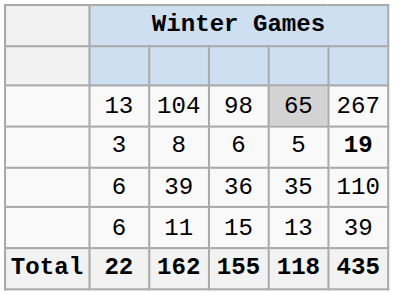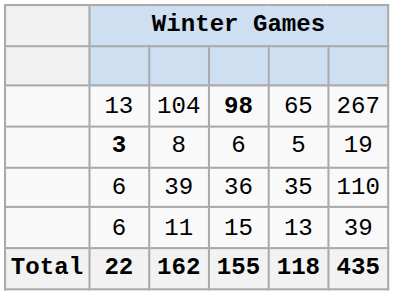 <table class="wikitable sortable" style="margin-top:0; text-align:center; font-size:90%;">
 <tr>
 <th></th>
 <th align="center" style="background-color:#cedff2;" colspan="5" ;>Winter Games</th>
 </tr>
 <tr>
 <th></th>
 <th style="background-color:#cedff2; width:2em;"><br></th>
 <th style="background-color:#cedff2; width:2em;"><br></th>
 <th style="background-color:#cedff2; width:2em;"><br></th>
 <th style="background-color:#cedff2; width:2em;"><br></th>
 <th style="background-color:#cedff2; width:2em;"><br></th>
 </tr>
 <tr>
 <td align=left> </td>
 <td>13</td>
 <td>104</td>
-<td>98</td>
-<td style="background: lightgrey;">65</td>
+<td><strong>98</strong></td>
+<td>65</td>
 <td>267</td>
 </tr>
 <tr>
 <td align=left></td>
-<td>3</td>
+<td><strong>3</strong></td>
 <td>8</td>
 <td>6</td>
 <td>5</td>
-<td><strong>19</strong></td>
+<td>19</td>
 </tr>
 <tr>
 <td align=left></td>
 <td>6</td>
 <td>39</td>
 <td>36</td>
 <td>35</td>
 <td>110</td>
 </tr>
 <tr>
 <td align=left></td>
 <td>6</td>
 <td>11</td>
 <td>15</td>
 <td>13</td>
 <td>39</td>
 </tr>
 <tr>
 <th style="text-align: center;">Total</th>
 <th>22</th>
 <th>162</th>
 <th>155</th>
 <th>118</th>
 <th>435</th>
 </tr>
 </table>
